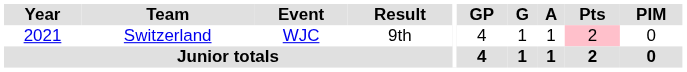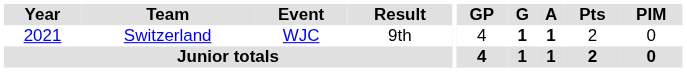 <table border="0" cellpadding="1" cellspacing="0" ID="Table3" style="text-align:center; width:40em;">
 <tr bgcolor="#e0e0e0">
 <th>Year</th>
 <th>Team</th>
 <th>Event</th>
 <th>Result</th>
 <th rowspan="99" bgcolor="#ffffff"></th>
 <th>GP</th>
 <th>G</th>
 <th>A</th>
 <th>Pts</th>
 <th>PIM</th>
 </tr>
 <tr>
 <td><a href='#'>2021</a></td>
 <td><a href='#'>Switzerland</a></td>
 <td><a href='#'>WJC</a></td>
 <td>9th</td>
 <td>4</td>
-<td>1</td>
-<td>1</td>
-<td style="background: pink;">2</td>
+<td><strong>1</strong></td>
+<td><strong>1</strong></td>
+<td>2</td>
 <td>0</td>
 </tr>
 <tr bgcolor="#e0e0e0">
 <th colspan="4">Junior totals</th>
 <th>4</th>
 <th>1</th>
 <th>1</th>
 <th>2</th>
 <th>0</th>
 </tr>
 </table>
